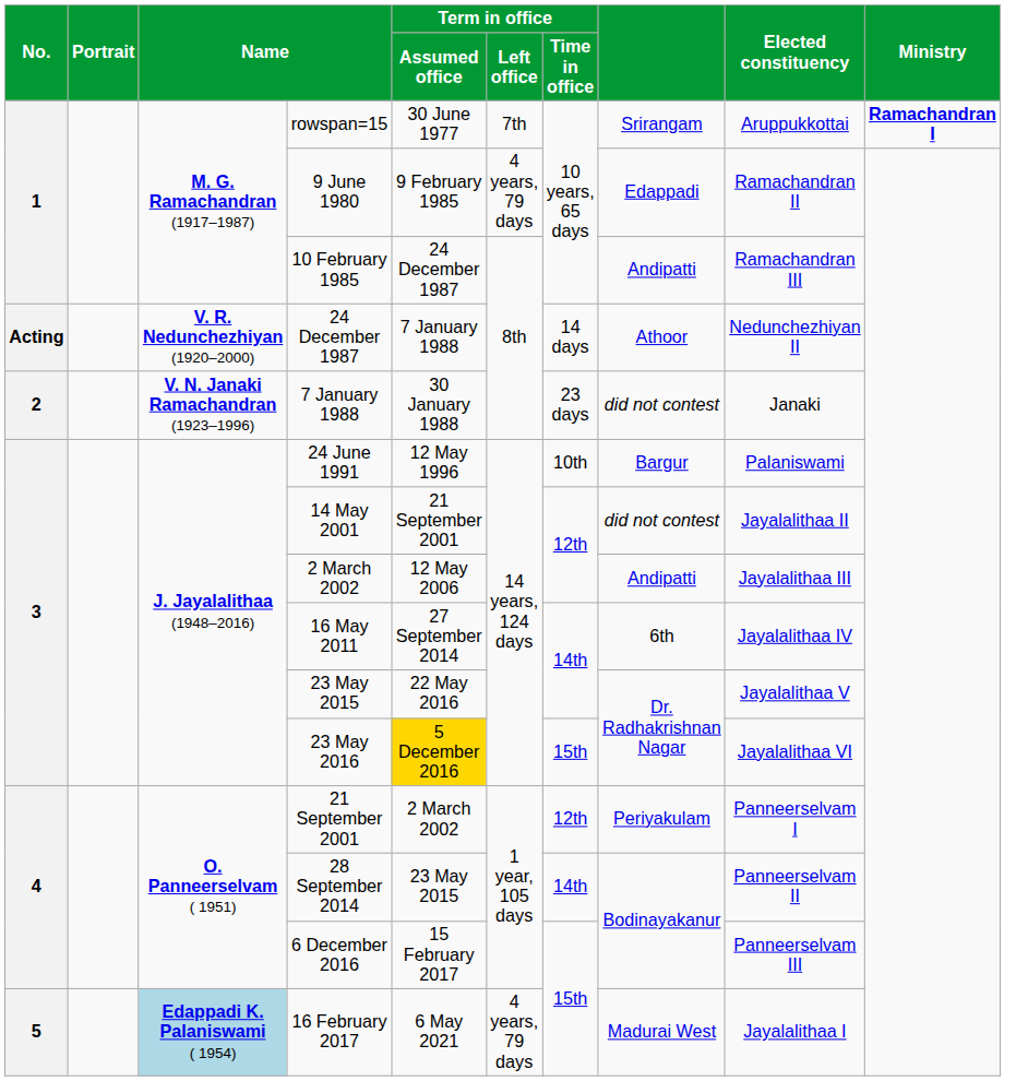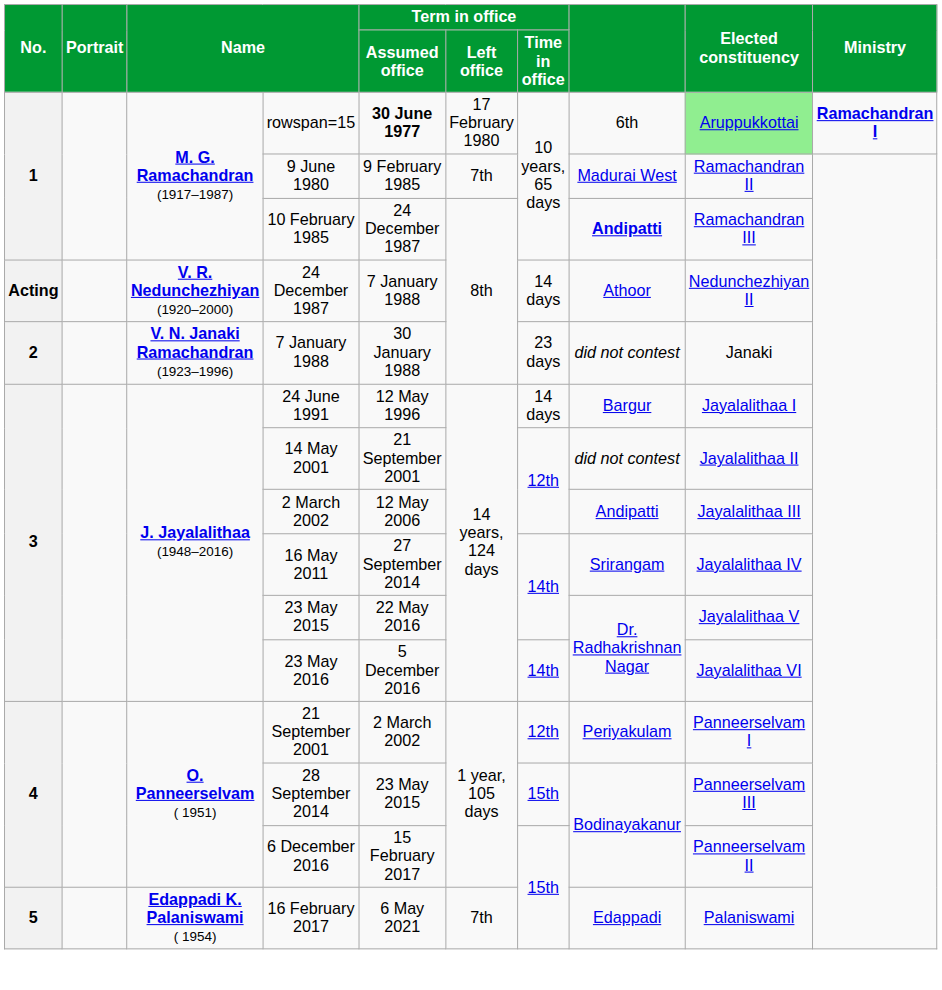 <table class="wikitable sortable" style="text-align:center;">
 <tr>
 <th rowspan=2 style="background-color:#009933;color:white">No.</th>
 <th rowspan=2 style="background-color:#009933;color:white">Portrait</th>
 <th rowspan=2 colspan=2 style="background-color:#009933;color:white">Name<br></th>
 <th colspan=3 style="background-color:#009933;color:white">Term in office</th>
 <th rowspan=2 style="background-color:#009933;color:white"><a href='#'></a><br></th>
 <th rowspan=2 style="background-color:#009933;color:white">Elected constituency</th>
 <th rowspan=2 style="background-color:#009933;color:white">Ministry</th>
 </tr>
 <tr>
 <th style="background-color:#009933;color:white">Assumed office</th>
 <th style="background-color:#009933;color:white">Left office</th>
 <th style="background-color:#009933;color:white">Time in office</th>
 </tr>
 <tr>
 <th rowspan=3>1</th>
 <td rowspan=3></td>
 <td rowspan=3><strong><a href='#'>M. G. Ramachandran</a></strong><br><small>(1917–1987)</small></td>
 <td>rowspan=15 </td>
-<td>30 June 1977</td>
-<td>7th<br></td>
+<td><strong>30 June 1977</strong></td>
+<td>17 February 1980</td>
 <td rowspan=3>10 years, 65 days</td>
-<td><a href='#'>Srirangam</a></td>
-<td><a href='#'>Aruppukkottai</a></td>
+<td>6th<br></td>
+<td style="background: lightgreen;"><a href='#'>Aruppukkottai</a></td>
 <td><strong><a href='#'>Ramachandran I</a></strong></td>
 </tr>
 <tr>
 <td>9 June 1980</td>
 <td>9 February 1985</td>
-<td>4 years, 79 days</td>
-<td><a href='#'>Edappadi</a></td>
+<td>7th<br></td>
+<td><a href='#'>Madurai West</a></td>
 <td><a href='#'>Ramachandran II</a></td>
 </tr>
 <tr>
 <td>10 February 1985</td>
 <td>24 December 1987</td>
 <td rowspan=3>8th<br></td>
-<td><a href='#'>Andipatti</a></td>
+<td><strong><a href='#'>Andipatti</a></strong></td>
 <td><a href='#'>Ramachandran III</a></td>
 </tr>
 <tr>
 <th>Acting</th>
 <td></td>
 <td><strong><a href='#'>V. R. Nedunchezhiyan</a></strong><br><small>(1920–2000)</small></td>
 <td>24 December 1987</td>
 <td>7 January 1988</td>
 <td>14 days</td>
 <td><a href='#'>Athoor</a></td>
 <td><a href='#'>Nedunchezhiyan II</a></td>
 </tr>
 <tr>
 <th>2</th>
 <td></td>
 <td><strong><a href='#'>V. N. Janaki Ramachandran</a></strong><br><small>(1923–1996)</small></td>
 <td>7 January 1988</td>
 <td>30 January 1988</td>
 <td>23 days</td>
 <td><em>did not contest</em></td>
 <td>Janaki</td>
 </tr>
 <tr>
 <th rowspan=6>3</th>
 <td rowspan=6></td>
 <td rowspan=6><strong><a href='#'>J. Jayalalithaa</a></strong><br><small>(1948–2016)</small></td>
 <td>24 June 1991</td>
 <td>12 May 1996</td>
 <td rowspan=6>14 years, 124 days</td>
-<td>10th<br></td>
+<td>14 days</td>
 <td><a href='#'>Bargur</a></td>
-<td><a href='#'>Palaniswami</a></td>
+<td><a href='#'>Jayalalithaa I</a></td>
 </tr>
 <tr>
 <td>14 May 2001</td>
 <td>21 September 2001</td>
 <td rowspan=2><a href='#'>12th</a><br></td>
 <td><em>did not contest</em></td>
 <td><a href='#'>Jayalalithaa II</a></td>
 </tr>
 <tr>
 <td>2 March 2002</td>
 <td>12 May 2006</td>
 <td><a href='#'>Andipatti</a></td>
 <td><a href='#'>Jayalalithaa III</a></td>
 </tr>
 <tr>
 <td>16 May 2011</td>
 <td>27 September 2014</td>
 <td rowspan=2><a href='#'>14th</a><br></td>
-<td>6th<br></td>
+<td><a href='#'>Srirangam</a></td>
 <td><a href='#'>Jayalalithaa IV</a></td>
 </tr>
 <tr>
 <td>23 May 2015</td>
 <td>22 May 2016</td>
 <td rowspan=2><a href='#'>Dr. Radhakrishnan Nagar</a></td>
 <td><a href='#'>Jayalalithaa V</a></td>
 </tr>
 <tr>
 <td>23 May 2016</td>
-<td style="background: gold;">5 December 2016</td>
-<td><a href='#'>15th</a><br></td>
+<td>5 December 2016</td>
+<td><a href='#'>14th</a><br></td>
 <td><a href='#'>Jayalalithaa VI</a></td>
 </tr>
 <tr>
 <th rowspan=3>4</th>
 <td rowspan=3></td>
 <td rowspan=3><strong><a href='#'>O. Panneerselvam</a></strong><br><small>( 1951)</small></td>
 <td>21 September 2001</td>
 <td>2 March 2002</td>
 <td rowspan=3>1 year, 105 days</td>
 <td><a href='#'>12th</a><br></td>
 <td><a href='#'>Periyakulam</a></td>
 <td><a href='#'>Panneerselvam I</a></td>
 </tr>
 <tr>
 <td>28 September 2014</td>
 <td>23 May 2015</td>
-<td><a href='#'>14th</a><br></td>
+<td><a href='#'>15th</a><br></td>
 <td rowspan=2><a href='#'>Bodinayakanur</a></td>
-<td><a href='#'>Panneerselvam II</a></td>
+<td><a href='#'>Panneerselvam III</a></td>
 </tr>
 <tr>
 <td>6 December 2016</td>
 <td>15 February 2017</td>
 <td rowspan=2><a href='#'>15th</a><br></td>
-<td><a href='#'>Panneerselvam III</a></td>
+<td><a href='#'>Panneerselvam II</a></td>
 </tr>
 <tr>
 <th>5</th>
 <td></td>
-<td style="background: lightblue;"><strong><a href='#'>Edappadi K. Palaniswami</a></strong><br><small>( 1954)</small></td>
+<td><strong><a href='#'>Edappadi K. Palaniswami</a></strong><br><small>( 1954)</small></td>
 <td>16 February 2017</td>
 <td>6 May 2021</td>
-<td>4 years, 79 days</td>
-<td><a href='#'>Madurai West</a></td>
-<td><a href='#'>Jayalalithaa I</a></td>
+<td>7th<br></td>
+<td><a href='#'>Edappadi</a></td>
+<td><a href='#'>Palaniswami</a></td>
 </tr>
 </table>
